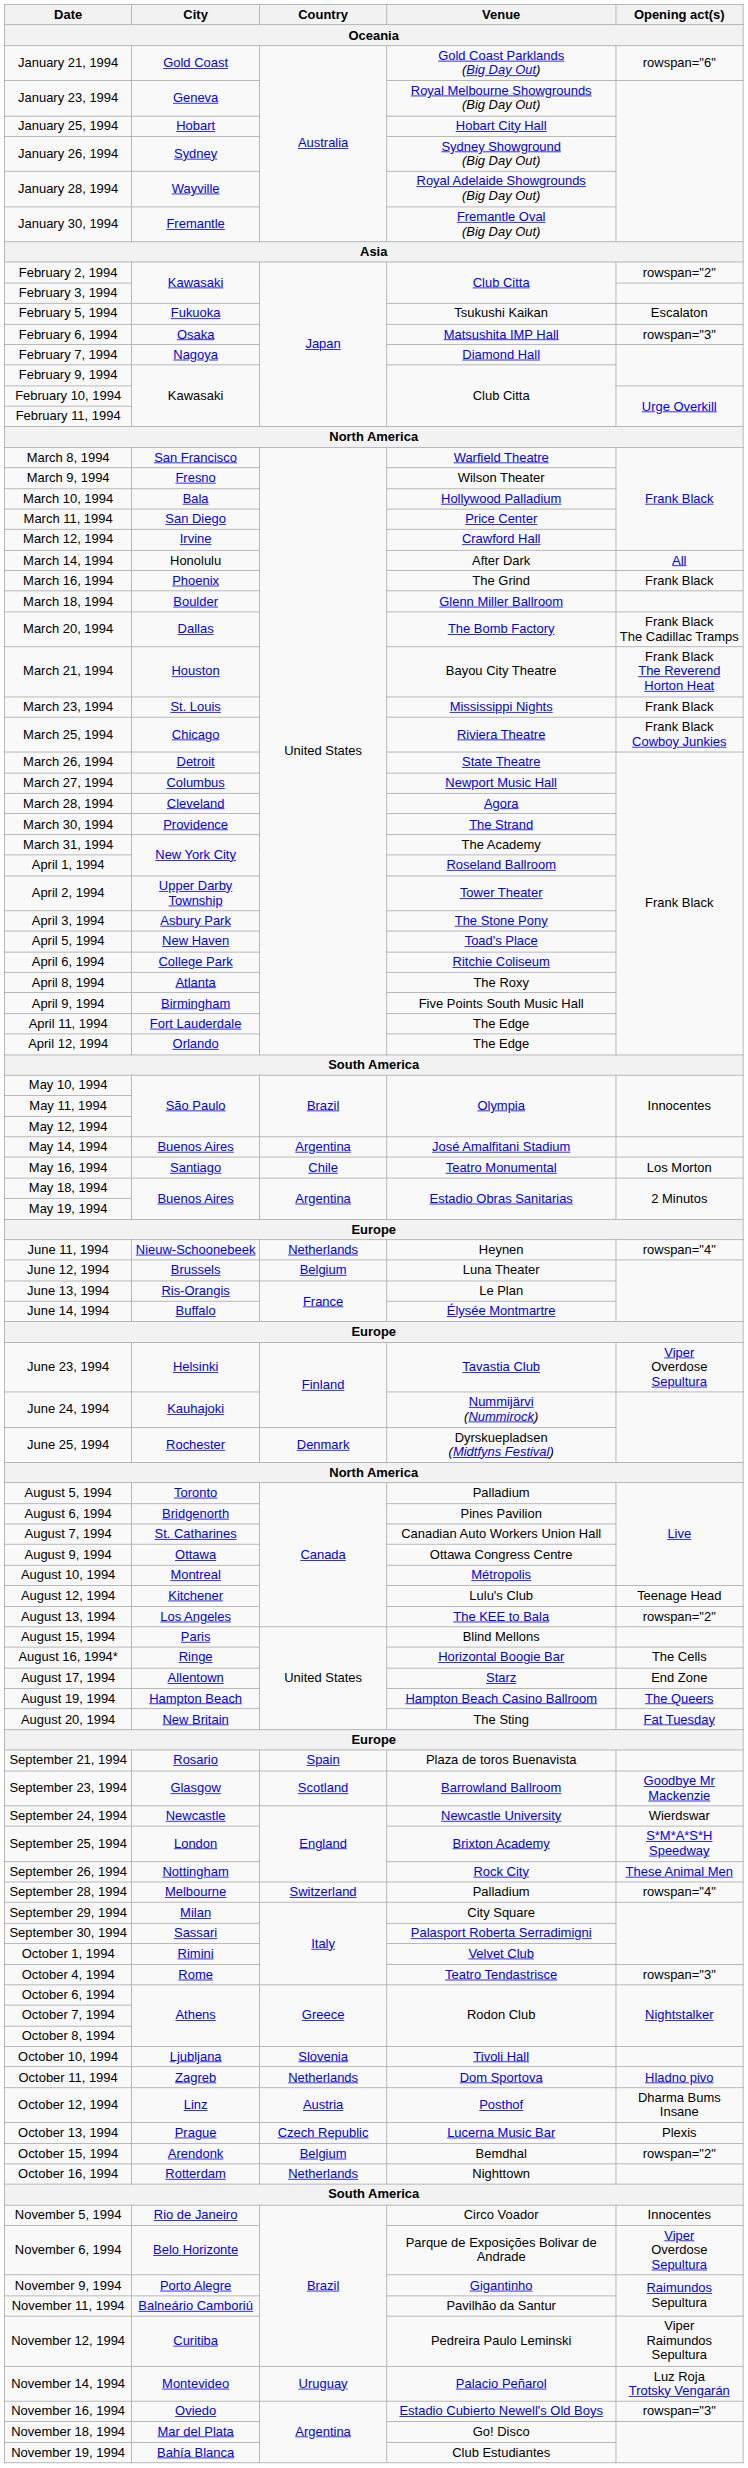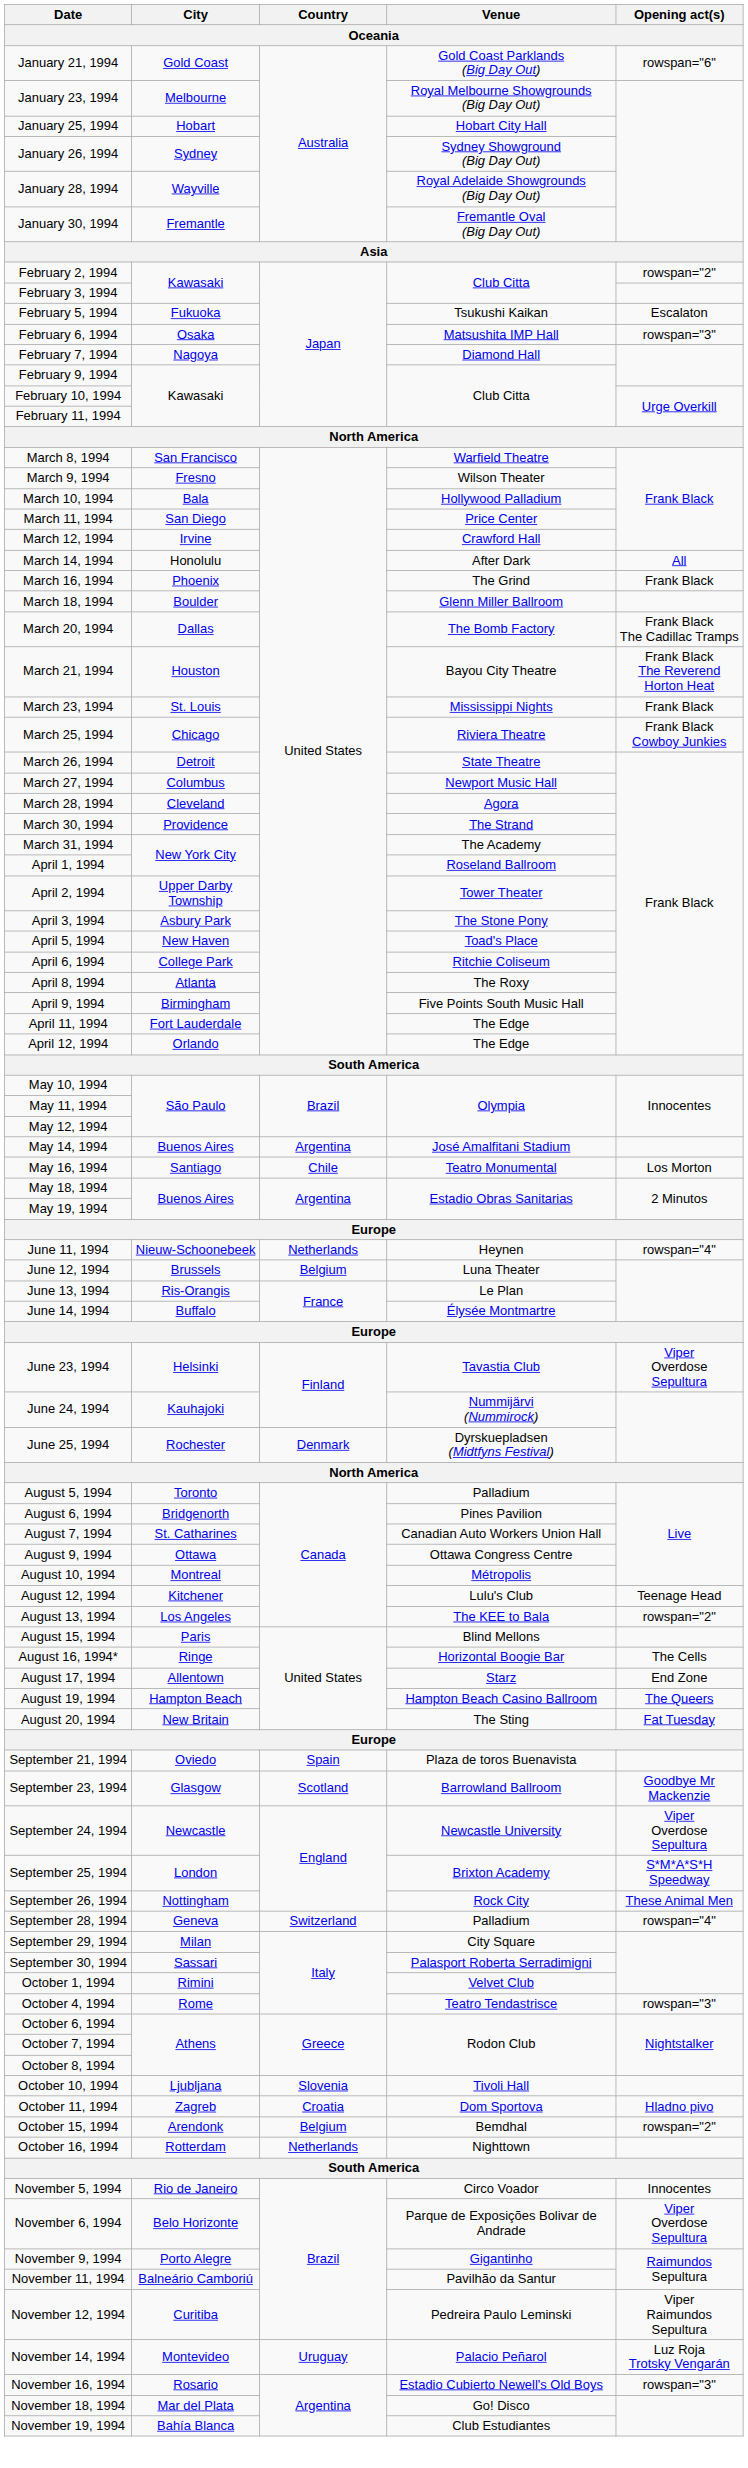 <table class="wikitable" style="text-align:center;">
 <tr>
 <th width="150">Date</th>
 <th width="150">City</th>
 <th width="150">Country</th>
 <th width="275">Venue</th>
 <th width="150">Opening act(s)</th>
 </tr>
 <tr>
 <th colspan="5">Oceania</th>
 </tr>
 <tr>
 <td>January 21, 1994</td>
 <td><a href='#'>Gold Coast</a></td>
 <td rowspan="6"><a href='#'>Australia</a></td>
 <td><a href='#'>Gold Coast Parklands</a><br><em>(<a href='#'>Big Day Out</a>)</em></td>
 <td>rowspan="6" </td>
 </tr>
 <tr>
 <td>January 23, 1994</td>
-<td><a href='#'>Geneva</a></td>
+<td><a href='#'>Melbourne</a></td>
 <td><a href='#'>Royal Melbourne Showgrounds</a><br><em>(Big Day Out)</em></td>
 </tr>
 <tr>
 <td>January 25, 1994</td>
 <td><a href='#'>Hobart</a></td>
 <td><a href='#'>Hobart City Hall</a></td>
 </tr>
 <tr>
 <td>January 26, 1994</td>
 <td><a href='#'>Sydney</a></td>
 <td><a href='#'>Sydney Showground</a><br><em>(Big Day Out)</em></td>
 </tr>
 <tr>
 <td>January 28, 1994</td>
 <td><a href='#'>Wayville</a></td>
 <td><a href='#'>Royal Adelaide Showgrounds</a><br><em>(Big Day Out)</em></td>
 </tr>
 <tr>
 <td>January 30, 1994</td>
 <td><a href='#'>Fremantle</a></td>
 <td><a href='#'>Fremantle Oval</a><br><em>(Big Day Out)</em></td>
 </tr>
 <tr>
 <th colspan="5">Asia</th>
 </tr>
 <tr>
 <td>February 2, 1994</td>
 <td rowspan="2"><a href='#'>Kawasaki</a></td>
 <td rowspan="8"><a href='#'>Japan</a></td>
 <td rowspan="2"><a href='#'>Club Citta</a></td>
 <td>rowspan="2" </td>
 </tr>
 <tr>
 <td>February 3, 1994</td>
 </tr>
 <tr>
 <td>February 5, 1994</td>
 <td><a href='#'>Fukuoka</a></td>
 <td>Tsukushi Kaikan</td>
 <td>Escalaton</td>
 </tr>
 <tr>
 <td>February 6, 1994</td>
 <td><a href='#'>Osaka</a></td>
 <td><a href='#'>Matsushita IMP Hall</a></td>
 <td>rowspan="3" </td>
 </tr>
 <tr>
 <td>February 7, 1994</td>
 <td><a href='#'>Nagoya</a></td>
 <td><a href='#'>Diamond Hall</a></td>
 </tr>
 <tr>
 <td>February 9, 1994</td>
 <td rowspan="3">Kawasaki</td>
 <td rowspan="3">Club Citta</td>
 </tr>
 <tr>
 <td>February 10, 1994</td>
 <td rowspan="2"><a href='#'>Urge Overkill</a></td>
 </tr>
 <tr>
 <td>February 11, 1994</td>
 </tr>
 <tr>
 <th colspan="5">North America</th>
 </tr>
 <tr>
 <td>March 8, 1994</td>
 <td><a href='#'>San Francisco</a></td>
 <td rowspan="26">United States</td>
 <td><a href='#'>Warfield Theatre</a></td>
 <td rowspan="5"><a href='#'>Frank Black</a></td>
 </tr>
 <tr>
 <td>March 9, 1994</td>
 <td><a href='#'>Fresno</a></td>
 <td>Wilson Theater</td>
 </tr>
 <tr>
 <td>March 10, 1994</td>
 <td><a href='#'>Bala</a></td>
 <td><a href='#'>Hollywood Palladium</a></td>
 </tr>
 <tr>
 <td>March 11, 1994</td>
 <td><a href='#'>San Diego</a></td>
 <td><a href='#'>Price Center</a></td>
 </tr>
 <tr>
 <td>March 12, 1994</td>
 <td><a href='#'>Irvine</a></td>
 <td><a href='#'>Crawford Hall</a></td>
 </tr>
 <tr>
 <td>March 14, 1994</td>
 <td>Honolulu</td>
 <td>After Dark</td>
 <td><a href='#'>All</a></td>
 </tr>
 <tr>
 <td>March 16, 1994</td>
 <td><a href='#'>Phoenix</a></td>
 <td>The Grind</td>
 <td>Frank Black</td>
 </tr>
 <tr>
 <td>March 18, 1994</td>
 <td><a href='#'>Boulder</a></td>
 <td><a href='#'>Glenn Miller Ballroom</a></td>
 <td></td>
 </tr>
 <tr>
 <td>March 20, 1994</td>
 <td><a href='#'>Dallas</a></td>
 <td><a href='#'>The Bomb Factory</a></td>
 <td>Frank Black<br>The Cadillac Tramps</td>
 </tr>
 <tr>
 <td>March 21, 1994</td>
 <td><a href='#'>Houston</a></td>
 <td>Bayou City Theatre</td>
 <td>Frank Black<br><a href='#'>The Reverend Horton Heat</a></td>
 </tr>
 <tr>
 <td>March 23, 1994</td>
 <td><a href='#'>St. Louis</a></td>
 <td><a href='#'>Mississippi Nights</a></td>
 <td>Frank Black</td>
 </tr>
 <tr>
 <td>March 25, 1994</td>
 <td><a href='#'>Chicago</a></td>
 <td><a href='#'>Riviera Theatre</a></td>
 <td>Frank Black<br><a href='#'>Cowboy Junkies</a></td>
 </tr>
 <tr>
 <td>March 26, 1994</td>
 <td><a href='#'>Detroit</a></td>
 <td><a href='#'>State Theatre</a></td>
 <td rowspan="14">Frank Black</td>
 </tr>
 <tr>
 <td>March 27, 1994</td>
 <td><a href='#'>Columbus</a></td>
 <td><a href='#'>Newport Music Hall</a></td>
 </tr>
 <tr>
 <td>March 28, 1994</td>
 <td><a href='#'>Cleveland</a></td>
 <td><a href='#'>Agora</a></td>
 </tr>
 <tr>
 <td>March 30, 1994</td>
 <td><a href='#'>Providence</a></td>
 <td><a href='#'>The Strand</a></td>
 </tr>
 <tr>
 <td>March 31, 1994</td>
 <td rowspan="2"><a href='#'>New York City</a></td>
 <td>The Academy</td>
 </tr>
 <tr>
 <td>April 1, 1994</td>
 <td><a href='#'>Roseland Ballroom</a></td>
 </tr>
 <tr>
 <td>April 2, 1994</td>
 <td><a href='#'>Upper Darby Township</a></td>
 <td><a href='#'>Tower Theater</a></td>
 </tr>
 <tr>
 <td>April 3, 1994</td>
 <td><a href='#'>Asbury Park</a></td>
 <td><a href='#'>The Stone Pony</a></td>
 </tr>
 <tr>
 <td>April 5, 1994</td>
 <td><a href='#'>New Haven</a></td>
 <td><a href='#'>Toad's Place</a></td>
 </tr>
 <tr>
 <td>April 6, 1994</td>
 <td><a href='#'>College Park</a></td>
 <td><a href='#'>Ritchie Coliseum</a></td>
 </tr>
 <tr>
 <td>April 8, 1994</td>
 <td><a href='#'>Atlanta</a></td>
 <td>The Roxy</td>
 </tr>
 <tr>
 <td>April 9, 1994</td>
 <td><a href='#'>Birmingham</a></td>
 <td>Five Points South Music Hall</td>
 </tr>
 <tr>
 <td>April 11, 1994</td>
 <td><a href='#'>Fort Lauderdale</a></td>
 <td>The Edge</td>
 </tr>
 <tr>
 <td>April 12, 1994</td>
 <td><a href='#'>Orlando</a></td>
 <td>The Edge</td>
 </tr>
 <tr>
 <th colspan="5">South America</th>
 </tr>
 <tr>
 <td>May 10, 1994</td>
 <td rowspan="3"><a href='#'>São Paulo</a></td>
 <td rowspan="3"><a href='#'>Brazil</a></td>
 <td rowspan="3"><a href='#'>Olympia</a></td>
 <td rowspan="3">Innocentes</td>
 </tr>
 <tr>
 <td>May 11, 1994</td>
 </tr>
 <tr>
 <td>May 12, 1994</td>
 </tr>
 <tr>
 <td>May 14, 1994</td>
 <td><a href='#'>Buenos Aires</a></td>
 <td><a href='#'>Argentina</a></td>
 <td><a href='#'>José Amalfitani Stadium</a></td>
 <td></td>
 </tr>
 <tr>
 <td>May 16, 1994</td>
 <td><a href='#'>Santiago</a></td>
 <td><a href='#'>Chile</a></td>
 <td><a href='#'>Teatro Monumental</a></td>
 <td>Los Morton</td>
 </tr>
 <tr>
 <td>May 18, 1994</td>
 <td rowspan="2"><a href='#'>Buenos Aires</a></td>
 <td rowspan="2"><a href='#'>Argentina</a></td>
 <td rowspan="2"><a href='#'>Estadio Obras Sanitarias</a></td>
 <td rowspan="2">2 Minutos</td>
 </tr>
 <tr>
 <td>May 19, 1994</td>
 </tr>
 <tr>
 <th colspan="5">Europe</th>
 </tr>
 <tr>
 <td>June 11, 1994</td>
 <td><a href='#'>Nieuw-Schoonebeek</a></td>
 <td><a href='#'>Netherlands</a></td>
 <td>Heynen</td>
 <td>rowspan="4" </td>
 </tr>
 <tr>
 <td>June 12, 1994</td>
 <td><a href='#'>Brussels</a></td>
 <td><a href='#'>Belgium</a></td>
 <td>Luna Theater</td>
 </tr>
 <tr>
 <td>June 13, 1994</td>
 <td><a href='#'>Ris-Orangis</a></td>
 <td rowspan="2"><a href='#'>France</a></td>
 <td>Le Plan</td>
 </tr>
 <tr>
 <td>June 14, 1994</td>
 <td><a href='#'>Buffalo</a></td>
 <td><a href='#'>Élysée Montmartre</a></td>
 </tr>
 <tr>
 <th colspan="5">Europe</th>
 </tr>
 <tr>
 <td>June 23, 1994</td>
 <td><a href='#'>Helsinki</a></td>
 <td rowspan="2"><a href='#'>Finland</a></td>
 <td><a href='#'>Tavastia Club</a></td>
 <td><a href='#'>Viper</a><br>Overdose<br><a href='#'>Sepultura</a></td>
 </tr>
 <tr>
 <td>June 24, 1994</td>
 <td><a href='#'>Kauhajoki</a></td>
 <td><a href='#'>Nummijärvi</a><br><em>(<a href='#'>Nummirock</a>)</em></td>
 </tr>
 <tr>
 <td>June 25, 1994</td>
 <td><a href='#'>Rochester</a></td>
 <td><a href='#'>Denmark</a></td>
 <td>Dyrskuepladsen<br><em>(<a href='#'>Midtfyns Festival</a>)</em></td>
 </tr>
 <tr>
 <th colspan="5">North America</th>
 </tr>
 <tr>
 <td>August 5, 1994</td>
 <td><a href='#'>Toronto</a></td>
 <td rowspan="7"><a href='#'>Canada</a></td>
 <td>Palladium</td>
 <td rowspan="5"><a href='#'>Live</a></td>
 </tr>
 <tr>
 <td>August 6, 1994</td>
 <td><a href='#'>Bridgenorth</a></td>
 <td>Pines Pavilion</td>
 </tr>
 <tr>
 <td>August 7, 1994</td>
 <td><a href='#'>St. Catharines</a></td>
 <td>Canadian Auto Workers Union Hall</td>
 </tr>
 <tr>
 <td>August 9, 1994</td>
 <td><a href='#'>Ottawa</a></td>
 <td>Ottawa Congress Centre</td>
 </tr>
 <tr>
 <td>August 10, 1994</td>
 <td><a href='#'>Montreal</a></td>
 <td><a href='#'>Métropolis</a></td>
 </tr>
 <tr>
 <td>August 12, 1994</td>
 <td><a href='#'>Kitchener</a></td>
 <td>Lulu's Club</td>
 <td>Teenage Head</td>
 </tr>
 <tr>
 <td>August 13, 1994</td>
 <td><a href='#'>Los Angeles</a></td>
 <td><a href='#'>The KEE to Bala</a></td>
 <td>rowspan="2" </td>
 </tr>
 <tr>
 <td>August 15, 1994</td>
 <td><a href='#'>Paris</a></td>
 <td rowspan="5">United States</td>
 <td>Blind Mellons</td>
 </tr>
 <tr>
 <td>August 16, 1994*</td>
 <td><a href='#'>Ringe</a></td>
 <td><a href='#'>Horizontal Boogie Bar</a></td>
 <td>The Cells</td>
 </tr>
 <tr>
 <td>August 17, 1994</td>
 <td><a href='#'>Allentown</a></td>
 <td><a href='#'>Starz</a></td>
 <td>End Zone</td>
 </tr>
 <tr>
 <td>August 19, 1994</td>
 <td><a href='#'>Hampton Beach</a></td>
 <td><a href='#'>Hampton Beach Casino Ballroom</a></td>
 <td><a href='#'>The Queers</a></td>
 </tr>
 <tr>
 <td>August 20, 1994</td>
 <td><a href='#'>New Britain</a></td>
 <td>The Sting</td>
 <td><a href='#'>Fat Tuesday</a></td>
 </tr>
 <tr>
 <th colspan="5">Europe</th>
 </tr>
 <tr>
 <td>September 21, 1994</td>
-<td><a href='#'>Rosario</a></td>
+<td><a href='#'>Oviedo</a></td>
 <td><a href='#'>Spain</a></td>
 <td>Plaza de toros Buenavista</td>
 <td></td>
 </tr>
 <tr>
 <td>September 23, 1994</td>
 <td><a href='#'>Glasgow</a></td>
 <td><a href='#'>Scotland</a></td>
 <td><a href='#'>Barrowland Ballroom</a></td>
 <td><a href='#'>Goodbye Mr Mackenzie</a></td>
 </tr>
 <tr>
 <td>September 24, 1994</td>
 <td><a href='#'>Newcastle</a></td>
 <td rowspan="3"><a href='#'>England</a></td>
 <td><a href='#'>Newcastle University</a></td>
-<td>Wierdswar</td>
+<td><a href='#'>Viper</a><br>Overdose<br><a href='#'>Sepultura</a></td>
 </tr>
 <tr>
 <td>September 25, 1994</td>
 <td><a href='#'>London</a></td>
 <td><a href='#'>Brixton Academy</a></td>
 <td><a href='#'>S*M*A*S*H</a><br><a href='#'>Speedway</a></td>
 </tr>
 <tr>
 <td>September 26, 1994</td>
 <td><a href='#'>Nottingham</a></td>
 <td><a href='#'>Rock City</a></td>
 <td><a href='#'>These Animal Men</a></td>
 </tr>
 <tr>
 <td>September 28, 1994</td>
-<td><a href='#'>Melbourne</a></td>
+<td><a href='#'>Geneva</a></td>
 <td><a href='#'>Switzerland</a></td>
 <td>Palladium</td>
 <td>rowspan="4" </td>
 </tr>
 <tr>
 <td>September 29, 1994</td>
 <td><a href='#'>Milan</a></td>
 <td rowspan="4"><a href='#'>Italy</a></td>
 <td>City Square</td>
 </tr>
 <tr>
 <td>September 30, 1994</td>
 <td><a href='#'>Sassari</a></td>
 <td><a href='#'>Palasport Roberta Serradimigni</a></td>
 </tr>
 <tr>
 <td>October 1, 1994</td>
 <td><a href='#'>Rimini</a></td>
 <td><a href='#'>Velvet Club</a></td>
 </tr>
 <tr>
 <td>October 4, 1994</td>
 <td><a href='#'>Rome</a></td>
 <td><a href='#'>Teatro Tendastrisce</a></td>
 <td>rowspan="3" </td>
 </tr>
 <tr>
 <td>October 6, 1994</td>
 <td rowspan="3"><a href='#'>Athens</a></td>
 <td rowspan="3"><a href='#'>Greece</a></td>
 <td rowspan="3">Rodon Club</td>
 <td rowspan="3"><a href='#'>Nightstalker</a></td>
 </tr>
 <tr>
 <td>October 7, 1994</td>
 </tr>
 <tr>
 <td>October 8, 1994</td>
 </tr>
 <tr>
 <td>October 10, 1994</td>
 <td><a href='#'>Ljubljana</a></td>
 <td><a href='#'>Slovenia</a></td>
 <td><a href='#'>Tivoli Hall</a></td>
 <td></td>
 </tr>
 <tr>
 <td>October 11, 1994</td>
 <td><a href='#'>Zagreb</a></td>
-<td><a href='#'>Netherlands</a></td>
+<td><a href='#'>Croatia</a></td>
 <td><a href='#'>Dom Sportova</a></td>
 <td><a href='#'>Hladno pivo</a></td>
-</tr>
-<tr>
-<td>October 12, 1994</td>
-<td><a href='#'>Linz</a></td>
-<td><a href='#'>Austria</a></td>
-<td><a href='#'>Posthof</a></td>
-<td>Dharma Bums Insane</td>
-</tr>
-<tr>
-<td>October 13, 1994</td>
-<td><a href='#'>Prague</a></td>
-<td><a href='#'>Czech Republic</a></td>
-<td><a href='#'>Lucerna Music Bar</a></td>
-<td>Plexis</td>
 </tr>
 <tr>
 <td>October 15, 1994</td>
 <td><a href='#'>Arendonk</a></td>
 <td><a href='#'>Belgium</a></td>
 <td>Bemdhal</td>
 <td>rowspan="2" </td>
 </tr>
 <tr>
 <td>October 16, 1994</td>
 <td><a href='#'>Rotterdam</a></td>
 <td><a href='#'>Netherlands</a></td>
 <td>Nighttown</td>
 </tr>
 <tr>
 <th colspan="5">South America</th>
 </tr>
 <tr>
 <td>November 5, 1994</td>
 <td><a href='#'>Rio de Janeiro</a></td>
 <td rowspan="5"><a href='#'>Brazil</a></td>
 <td>Circo Voador</td>
 <td>Innocentes</td>
 </tr>
 <tr>
 <td>November 6, 1994</td>
 <td><a href='#'>Belo Horizonte</a></td>
 <td>Parque de Exposições Bolivar de Andrade</td>
 <td><a href='#'>Viper</a><br>Overdose<br><a href='#'>Sepultura</a></td>
 </tr>
 <tr>
 <td>November 9, 1994</td>
 <td><a href='#'>Porto Alegre</a></td>
 <td><a href='#'>Gigantinho</a></td>
 <td rowspan="2"><a href='#'>Raimundos</a><br>Sepultura</td>
 </tr>
 <tr>
 <td>November 11, 1994</td>
 <td><a href='#'>Balneário Camboriú</a></td>
 <td>Pavilhão da Santur</td>
 </tr>
 <tr>
 <td>November 12, 1994</td>
 <td><a href='#'>Curitiba</a></td>
 <td>Pedreira Paulo Leminski</td>
 <td>Viper<br>Raimundos<br>Sepultura</td>
 </tr>
 <tr>
 <td>November 14, 1994</td>
 <td><a href='#'>Montevideo</a></td>
 <td><a href='#'>Uruguay</a></td>
 <td><a href='#'>Palacio Peñarol</a></td>
 <td>Luz Roja<br><a href='#'>Trotsky Vengarán</a></td>
 </tr>
 <tr>
 <td>November 16, 1994</td>
-<td><a href='#'>Oviedo</a></td>
+<td><a href='#'>Rosario</a></td>
 <td rowspan="3"><a href='#'>Argentina</a></td>
 <td><a href='#'>Estadio Cubierto Newell's Old Boys</a></td>
 <td>rowspan="3" </td>
 </tr>
 <tr>
 <td>November 18, 1994</td>
 <td><a href='#'>Mar del Plata</a></td>
 <td>Go! Disco</td>
 </tr>
 <tr>
 <td>November 19, 1994</td>
 <td><a href='#'>Bahía Blanca</a></td>
 <td>Club Estudiantes</td>
 </tr>
 </table>
